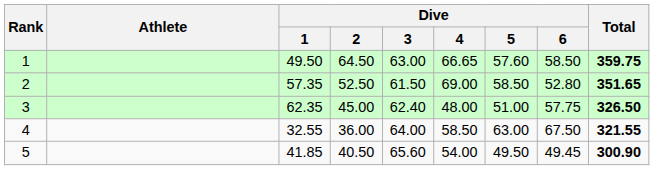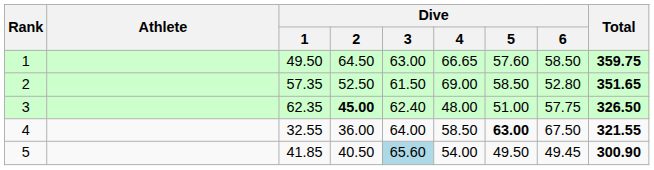 <table class="wikitable" style="text-align:center">
 <tr>
 <th rowspan="2" width="40">Rank</th>
 <th rowspan="2" width="250">Athlete</th>
 <th colspan="6">Dive</th>
 <th rowspan="2" width="60">Total</th>
 </tr>
 <tr>
 <th width="50">1</th>
 <th width="50">2</th>
 <th width="50">3</th>
 <th width="50">4</th>
 <th width="50">5</th>
 <th width="50">6</th>
 </tr>
 <tr bgcolor="ccffcc">
 <td>1</td>
 <td align="left"></td>
 <td>49.50</td>
 <td>64.50</td>
 <td>63.00</td>
 <td>66.65</td>
 <td>57.60</td>
 <td>58.50</td>
 <td><strong>359.75</strong></td>
 </tr>
 <tr bgcolor="ccffcc">
 <td>2</td>
 <td align="left"></td>
 <td>57.35</td>
 <td>52.50</td>
 <td>61.50</td>
 <td>69.00</td>
 <td>58.50</td>
 <td>52.80</td>
 <td><strong>351.65</strong></td>
 </tr>
 <tr bgcolor="ccffcc">
 <td>3</td>
 <td align="left"></td>
 <td>62.35</td>
-<td>45.00</td>
+<td><strong>45.00</strong></td>
 <td>62.40</td>
 <td>48.00</td>
 <td>51.00</td>
 <td>57.75</td>
 <td><strong>326.50</strong></td>
 </tr>
 <tr>
 <td>4</td>
 <td align="left"></td>
 <td>32.55</td>
 <td>36.00</td>
 <td>64.00</td>
 <td>58.50</td>
-<td>63.00</td>
+<td><strong>63.00</strong></td>
 <td>67.50</td>
 <td><strong>321.55</strong></td>
 </tr>
 <tr>
 <td>5</td>
 <td align="left"></td>
 <td>41.85</td>
 <td>40.50</td>
-<td>65.60</td>
+<td style="background: lightblue;">65.60</td>
 <td>54.00</td>
 <td>49.50</td>
 <td>49.45</td>
 <td><strong>300.90<em></td>
 </tr>
 </table>
